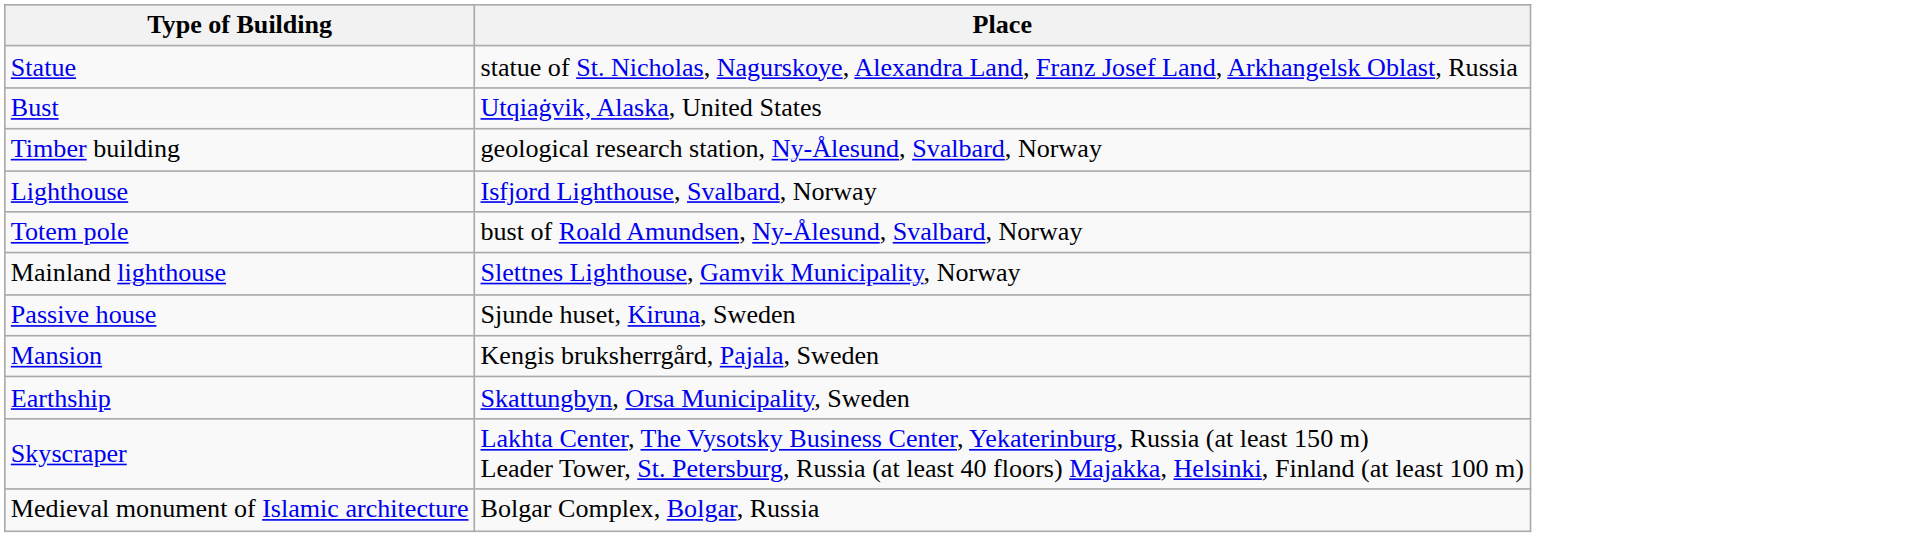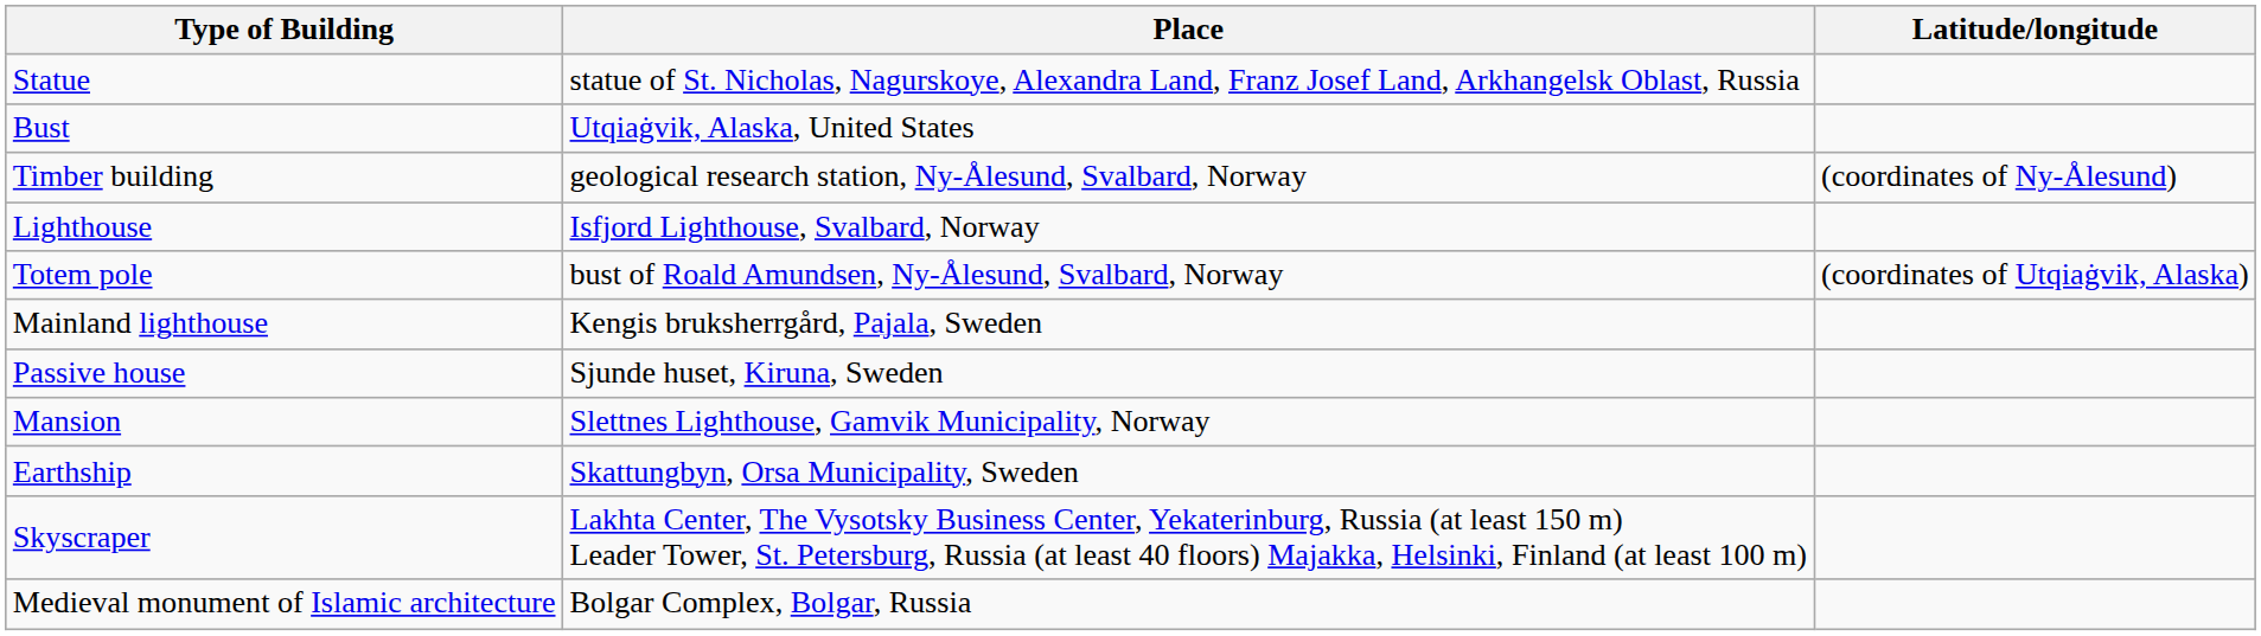 <table class="wikitable">
 <tr>
 <th>Type of Building</th>
 <th>Place</th>
+<th>Latitude/longitude</th>
 </tr>
 <tr>
 <td><a href='#'>Statue</a></td>
 <td>statue of <a href='#'>St. Nicholas</a>, <a href='#'>Nagurskoye</a>, <a href='#'>Alexandra Land</a>, <a href='#'>Franz Josef Land</a>, <a href='#'>Arkhangelsk Oblast</a>, Russia</td>
+<td></td>
 </tr>
 <tr>
 <td><a href='#'>Bust</a></td>
 <td><a href='#'>Utqiaġvik, Alaska</a>, United States</td>
+<td></td>
 </tr>
 <tr>
 <td><a href='#'>Timber</a> building</td>
 <td>geological research station, <a href='#'>Ny-Ålesund</a>, <a href='#'>Svalbard</a>, Norway</td>
+<td> (coordinates of <a href='#'>Ny-Ålesund</a>)</td>
 </tr>
 <tr>
 <td><a href='#'>Lighthouse</a></td>
 <td><a href='#'>Isfjord Lighthouse</a>, <a href='#'>Svalbard</a>, Norway</td>
+<td></td>
 </tr>
 <tr>
 <td><a href='#'>Totem pole</a></td>
 <td>bust of <a href='#'>Roald Amundsen</a>, <a href='#'>Ny-Ålesund</a>, <a href='#'>Svalbard</a>, Norway</td>
+<td> (coordinates of <a href='#'>Utqiaġvik, Alaska</a>)</td>
 </tr>
 <tr>
 <td>Mainland <a href='#'>lighthouse</a></td>
-<td><a href='#'>Slettnes Lighthouse</a>, <a href='#'>Gamvik Municipality</a>, Norway</td>
+<td>Kengis bruksherrgård, <a href='#'>Pajala</a>, Sweden</td>
+<td></td>
 </tr>
 <tr>
 <td><a href='#'>Passive house</a></td>
 <td>Sjunde huset, <a href='#'>Kiruna</a>, Sweden</td>
+<td></td>
 </tr>
 <tr>
 <td><a href='#'>Mansion</a></td>
-<td>Kengis bruksherrgård, <a href='#'>Pajala</a>, Sweden</td>
+<td><a href='#'>Slettnes Lighthouse</a>, <a href='#'>Gamvik Municipality</a>, Norway</td>
+<td></td>
 </tr>
 <tr>
 <td><a href='#'>Earthship</a></td>
 <td><a href='#'>Skattungbyn</a>, <a href='#'>Orsa Municipality</a>, Sweden</td>
+<td></td>
 </tr>
 <tr>
 <td><a href='#'>Skyscraper</a></td>
 <td><a href='#'>Lakhta Center</a>, <a href='#'>The Vysotsky Business Center</a>, <a href='#'>Yekaterinburg</a>, Russia (at least 150 m)<br>Leader Tower, <a href='#'>St. Petersburg</a>, Russia (at least 40 floors) <a href='#'>Majakka</a>, <a href='#'>Helsinki</a>, Finland (at least 100 m)</td>
+<td><br>  </td>
 </tr>
 <tr>
 <td>Medieval monument of <a href='#'>Islamic architecture</a></td>
 <td>Bolgar Complex, <a href='#'>Bolgar</a>, Russia</td>
+<td></td>
 </tr>
 </table>
